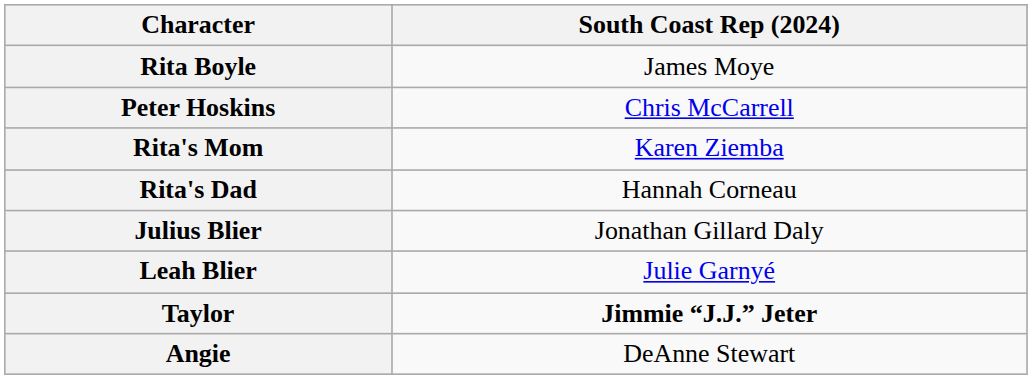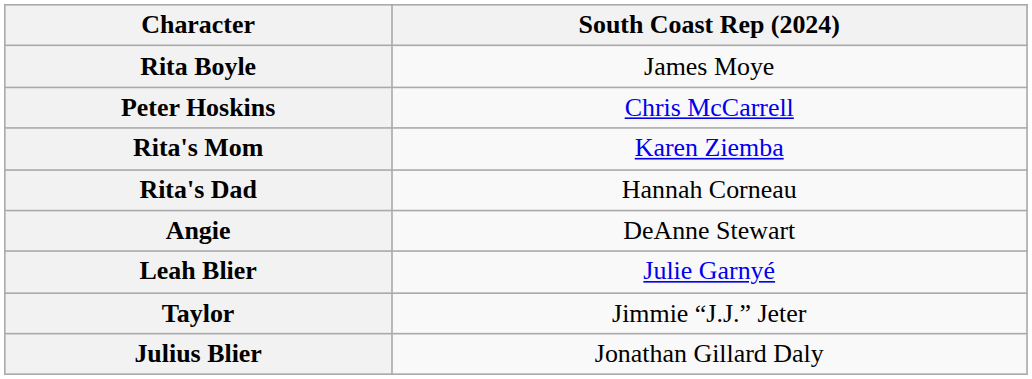 <table class="wikitable" style="width:50%; text-align:center">
 <tr>
 <th scope="col">Character</th>
 <th>South Coast Rep (2024)</th>
 </tr>
 <tr>
 <th>Rita Boyle</th>
 <td colspan="1">James Moye</td>
 </tr>
 <tr>
 <th>Peter Hoskins</th>
 <td colspan="1”"><a href='#'>Chris McCarrell</a></td>
 </tr>
 <tr>
 <th>Rita's Mom</th>
 <td colspan="1”"><a href='#'>Karen Ziemba</a></td>
 </tr>
 <tr>
 <th>Rita's Dad</th>
 <td colspan="1">Hannah Corneau</td>
 </tr>
 <tr>
-<th>Julius Blier</th>
-<td colspan="1">Jonathan Gillard Daly</td>
+<th>Angie</th>
+<td colspan="1">DeAnne Stewart</td>
 </tr>
 <tr>
 <th>Leah Blier</th>
 <td colspan="1"><a href='#'>Julie Garnyé</a></td>
 </tr>
 <tr>
 <th>Taylor</th>
-<td colspan="1"><strong>Jimmie “J.J.” Jeter</strong></td>
+<td colspan="1">Jimmie “J.J.” Jeter</td>
 </tr>
 <tr>
-<th>Angie</th>
-<td colspan="1">DeAnne Stewart</td>
+<th>Julius Blier</th>
+<td colspan="1">Jonathan Gillard Daly</td>
 </tr>
 </table>
